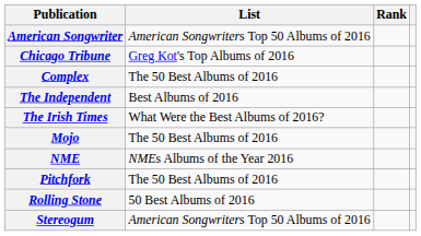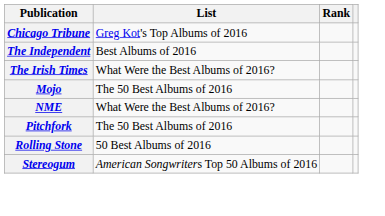 <table class="wikitable sortable plainrowheaders" style="border:none; margin:0;">
 <tr>
 <th scope="col">Publication</th>
 <th scope="col" class="unsortable">List</th>
 <th scope="col" data-sort-type="number">Rank</th>
 <th scope="col" class="unsortable"></th>
 </tr>
 <tr>
-<th scope="row"><em><a href='#'>American Songwriter</a></em></th>
-<td><em>American Songwriter</em>s Top 50 Albums of 2016</td>
-<td></td>
-<td></td>
-</tr>
-<tr>
 <th scope="row"><em><a href='#'>Chicago Tribune</a></em></th>
 <td><a href='#'>Greg Kot</a>'s Top Albums of 2016</td>
-<td></td>
-<td></td>
-</tr>
-<tr>
-<th scope="row"><em><a href='#'>Complex</a></em></th>
-<td>The 50 Best Albums of 2016</td>
 <td></td>
 <td></td>
 </tr>
 <tr>
 <th scope="row"><em><a href='#'>The Independent</a></em></th>
 <td>Best Albums of 2016</td>
 <td></td>
 <td></td>
 </tr>
 <tr>
 <th scope="row"><em><a href='#'>The Irish Times</a></em></th>
 <td>What Were the Best Albums of 2016?</td>
 <td></td>
 <td></td>
 </tr>
 <tr>
 <th scope="row"><em><a href='#'>Mojo</a></em></th>
 <td>The 50 Best Albums of 2016</td>
 <td></td>
 <td></td>
 </tr>
 <tr>
 <th scope="row"><em><a href='#'>NME</a></em></th>
-<td><em>NME</em>s Albums of the Year 2016</td>
+<td>What Were the Best Albums of 2016?</td>
 <td></td>
 <td></td>
 </tr>
 <tr>
 <th scope="row"><em><a href='#'>Pitchfork</a></em></th>
 <td>The 50 Best Albums of 2016</td>
 <td></td>
 <td></td>
 </tr>
 <tr>
 <th scope="row"><em><a href='#'>Rolling Stone</a></em></th>
 <td>50 Best Albums of 2016</td>
 <td></td>
 <td></td>
 </tr>
 <tr>
 <th scope="row"><em><a href='#'>Stereogum</a></em></th>
 <td><em>American Songwriter</em>s Top 50 Albums of 2016</td>
 <td></td>
 <td></td>
 </tr>
 </table>
